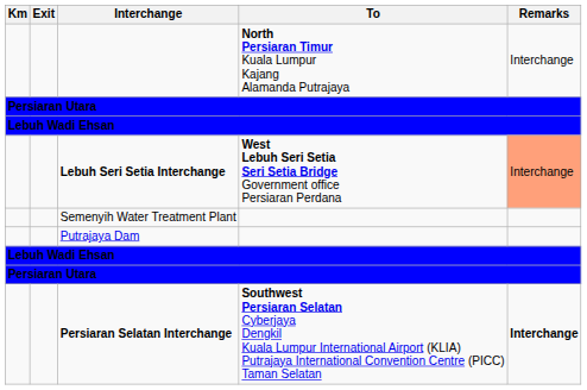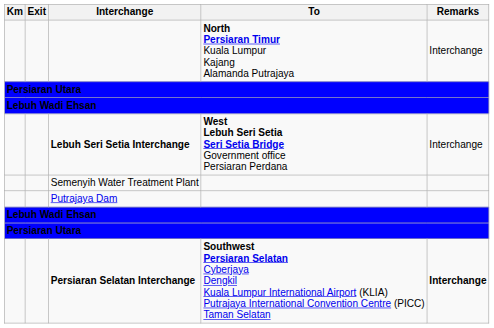 <table class="wikitable">
 <tr>
 <th>Km</th>
 <th>Exit</th>
 <th>Interchange</th>
 <th>To</th>
 <th>Remarks</th>
 </tr>
 <tr>
 <td></td>
 <td></td>
 <td></td>
 <td><strong>North</strong><br><strong><a href='#'>Persiaran Timur</a></strong><br>Kuala Lumpur<br>Kajang<br>Alamanda Putrajaya</td>
 <td>Interchange</td>
 </tr>
 <tr>
 <td style="width:600px" colspan="6" style="text-align:center" bgcolor="blue"><strong><span>Persiaran Utara</span></strong></td>
 </tr>
 <tr>
 <td style="width:600px" colspan="6" style="text-align:center" bgcolor="blue"><strong><span>Lebuh Wadi Ehsan</span></strong></td>
 </tr>
 <tr>
 <td></td>
 <td></td>
 <td><strong>Lebuh Seri Setia Interchange</strong></td>
 <td><strong>West</strong><br><strong>Lebuh Seri Setia</strong><br><strong><a href='#'>Seri Setia Bridge</a></strong><br>Government office<br>Persiaran Perdana</td>
-<td style="background: lightsalmon;">Interchange</td>
+<td>Interchange</td>
 </tr>
 <tr>
 <td></td>
 <td></td>
 <td>Semenyih Water Treatment Plant</td>
 <td></td>
 <td></td>
 </tr>
 <tr>
 <td></td>
 <td></td>
 <td><a href='#'>Putrajaya Dam</a></td>
 <td></td>
 <td></td>
 </tr>
 <tr>
 <td style="width:600px" colspan="6" style="text-align:center" bgcolor="blue"><strong><span>Lebuh Wadi Ehsan</span></strong></td>
 </tr>
 <tr>
 <td style="width:600px" colspan="6" style="text-align:center" bgcolor="blue"><strong><span>Persiaran Utara</span></strong></td>
 </tr>
 <tr>
 <td></td>
 <td></td>
 <td><strong>Persiaran Selatan Interchange</strong></td>
 <td><strong>Southwest</strong><br><strong><a href='#'>Persiaran Selatan</a></strong><br><a href='#'>Cyberjaya</a><br> <a href='#'>Dengkil</a><br> <a href='#'>Kuala Lumpur International Airport</a> (KLIA) <br><a href='#'>Putrajaya International Convention Centre</a> (PICC)<br><a href='#'>Taman Selatan</a></td>
 <td><strong>Interchange</strong></td>
 </tr>
 </table>
